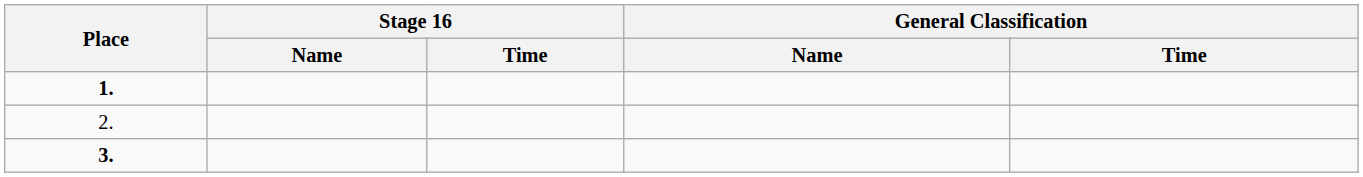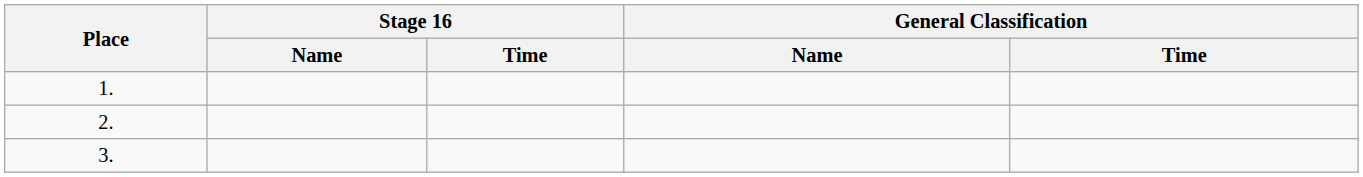 <table class="wikitable"  style="font-size:95%; width:80%;">
 <tr>
 <th rowspan="2">Place</th>
 <th colspan="2">Stage 16</th>
 <th colspan="2">General Classification</th>
 </tr>
 <tr>
 <th>Name</th>
 <th>Time</th>
 <th>Name</th>
 <th>Time</th>
 </tr>
 <tr>
-<td style="text-align:center;"><strong>1.</strong></td>
+<td style="text-align:center;">1.</td>
 <td></td>
 <td></td>
 <td></td>
 <td></td>
 </tr>
 <tr>
 <td style="text-align:center;">2.</td>
 <td></td>
 <td></td>
 <td></td>
 <td></td>
 </tr>
 <tr>
-<td style="text-align:center;"><strong>3.</strong></td>
+<td style="text-align:center;">3.</td>
 <td></td>
 <td></td>
 <td></td>
 <td></td>
 </tr>
 </table>
